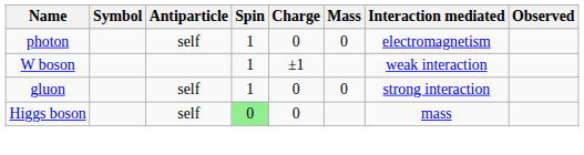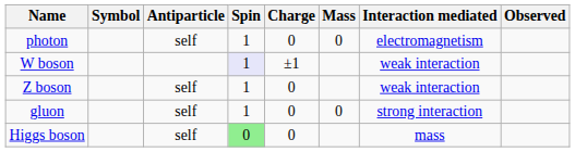 <table class="wikitable sortable" style="margin:1em auto; align: center; text-align: center;">
 <tr>
 <th>Name</th>
 <th>Symbol</th>
 <th>Antiparticle</th>
 <th>Spin</th>
 <th>Charge</th>
 <th>Mass</th>
 <th>Interaction mediated</th>
 <th>Observed</th>
 </tr>
 <tr>
 <td><a href='#'>photon</a></td>
 <td></td>
 <td>self</td>
 <td>1</td>
 <td>0</td>
 <td>0</td>
 <td><a href='#'>electromagnetism</a></td>
 <td></td>
 </tr>
 <tr>
 <td><a href='#'>W boson</a></td>
 <td></td>
 <td></td>
+<td style="background: lavender;">1</td>
+<td>±1</td>
+<td></td>
+<td><a href='#'>weak interaction</a></td>
+<td></td>
+</tr>
+<tr>
+<td><a href='#'>Z boson</a></td>
+<td></td>
+<td>self</td>
 <td>1</td>
-<td>±1</td>
+<td>0</td>
 <td></td>
 <td><a href='#'>weak interaction</a></td>
 <td></td>
 </tr>
 <tr>
 <td><a href='#'>gluon</a></td>
 <td></td>
 <td>self</td>
 <td>1</td>
 <td>0</td>
 <td>0</td>
 <td><a href='#'>strong interaction</a></td>
 <td></td>
 </tr>
 <tr>
 <td><a href='#'>Higgs boson</a></td>
 <td></td>
 <td>self</td>
 <td style="background: lightgreen;">0</td>
 <td>0</td>
 <td></td>
 <td><a href='#'>mass</a></td>
 <td></td>
 </tr>
 </table>
